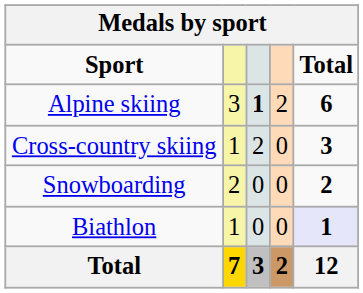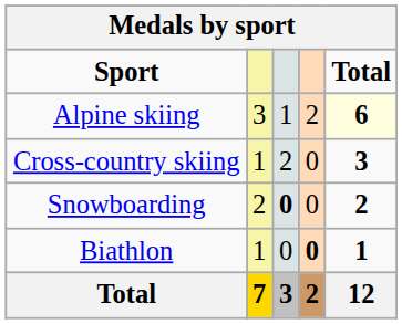 <table class="wikitable" style="font-size:85%; float:right">
 <tr style="background:#efefef;">
 <th colspan=5><strong>Medals by sport</strong></th>
 </tr>
 <tr align=center>
 <td><strong>Sport</strong></td>
 <td bgcolor=#f7f6a8></td>
 <td bgcolor=#dce5e5></td>
 <td bgcolor=#ffdab9></td>
 <td><strong>Total</strong></td>
 </tr>
 <tr align=center>
 <td><a href='#'>Alpine skiing</a></td>
 <td style="background:#F7F6A8;">3</td>
-<td style="background:#DCE5E5;"><strong>1</strong></td>
+<td style="background:#DCE5E5;">1</td>
 <td style="background:#FFDAB9;">2</td>
-<td><strong>6</strong></td>
+<td style="background: lightyellow;"><strong>6</strong></td>
 </tr>
 <tr align=center>
 <td><a href='#'>Cross-country skiing</a></td>
 <td style="background:#F7F6A8;">1</td>
 <td style="background:#DCE5E5;">2</td>
 <td style="background:#FFDAB9;">0</td>
 <td><strong>3</strong></td>
 </tr>
 <tr align=center>
 <td><a href='#'>Snowboarding</a></td>
 <td style="background:#F7F6A8;">2</td>
-<td style="background:#DCE5E5;">0</td>
+<td style="background:#DCE5E5;"><strong>0</strong></td>
 <td style="background:#FFDAB9;">0</td>
 <td><strong>2</strong></td>
 </tr>
 <tr align=center>
 <td><a href='#'>Biathlon</a></td>
 <td style="background:#F7F6A8;">1</td>
 <td style="background:#DCE5E5;">0</td>
-<td style="background:#FFDAB9;">0</td>
-<td style="background: lavender;"><strong>1</strong></td>
+<td style="background:#FFDAB9;"><strong>0</strong></td>
+<td><strong>1</strong></td>
 </tr>
 <tr align=center>
 <th><strong>Total</strong></th>
 <th style="background:gold;"><strong>7</strong></th>
 <th style="background:silver;"><strong>3</strong></th>
 <th style="background:#c96;"><strong>2</strong></th>
 <th><strong>12</strong></th>
 </tr>
 </table>
